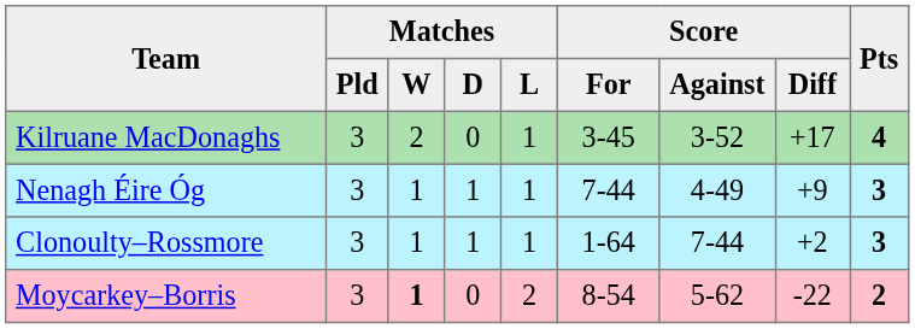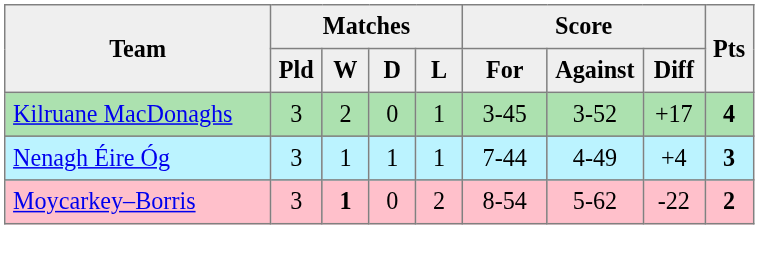 <table style=border-collapse:collapse border=1 cellspacing=0 cellpadding=5>
 <tr align=center bgcolor=#efefef>
 <th rowspan=2 width=165>Team</th>
 <th colspan=4>Matches</th>
 <th colspan=3>Score</th>
 <th rowspan=2width=20>Pts</th>
 </tr>
 <tr align=center bgcolor=#efefef>
 <th width=20>Pld</th>
 <th width=20>W</th>
 <th width=20>D</th>
 <th width=20>L</th>
 <th width=45>For</th>
 <th width=45>Against</th>
 <th width=30>Diff</th>
 </tr>
 <tr align=center style="background:#ACE1AF;">
 <td style="text-align:left;"> <a href='#'>Kilruane MacDonaghs</a></td>
 <td>3</td>
 <td>2</td>
 <td>0</td>
 <td>1</td>
 <td>3-45</td>
 <td>3-52</td>
 <td>+17</td>
 <td><strong>4</strong></td>
 </tr>
 <tr align=center style="background:#BBF3FF;">
 <td style="text-align:left;"> <a href='#'>Nenagh Éire Óg</a></td>
 <td>3</td>
 <td>1</td>
 <td>1</td>
 <td>1</td>
 <td>7-44</td>
 <td>4-49</td>
-<td>+9</td>
-<td><strong>3</strong></td>
-</tr>
-<tr align=center style="background:#BBF3FF;">
-<td style="text-align:left;"> <a href='#'>Clonoulty–Rossmore</a></td>
-<td>3</td>
-<td>1</td>
-<td>1</td>
-<td>1</td>
-<td>1-64</td>
-<td>7-44</td>
-<td>+2</td>
+<td>+4</td>
 <td><strong>3</strong></td>
 </tr>
 <tr align=center style="background:#FFC0CB;">
 <td style="text-align:left;"> <a href='#'>Moycarkey–Borris</a></td>
 <td>3</td>
 <td><strong>1</strong></td>
 <td>0</td>
 <td>2</td>
 <td>8-54</td>
 <td>5-62</td>
 <td>-22</td>
 <td><strong>2</strong></td>
 </tr>
 </table>
